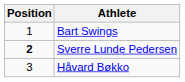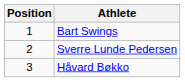 <table class="wikitable">
 <tr>
 <th>Position</th>
 <th>Athlete</th>
 </tr>
 <tr align="center">
 <td>1</td>
 <td align="left"> <a href='#'>Bart Swings</a></td>
 </tr>
 <tr align="center">
-<td><strong>2</strong></td>
+<td>2</td>
 <td align="left"> <a href='#'>Sverre Lunde Pedersen</a></td>
 </tr>
 <tr align="center">
 <td>3</td>
 <td align="left"> <a href='#'>Håvard Bøkko</a></td>
 </tr>
 </table>
